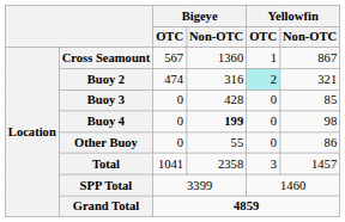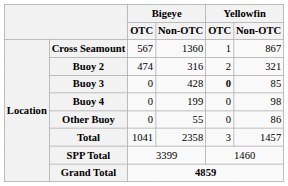 <table class="wikitable" style="font-size:88%">
 <tr>
 <th colspan=2 rowspan=2></th>
 <th colspan=2>Bigeye</th>
 <th colspan=2>Yellowfin</th>
 </tr>
 <tr>
 <th>OTC</th>
 <th>Non-OTC</th>
 <th>OTC</th>
 <th>Non-OTC</th>
 </tr>
 <tr>
 <th rowspan=8>Location</th>
 <th>Cross Seamount</th>
 <td align=right>567</td>
 <td align=right>1360</td>
 <td align=right>1</td>
 <td align=right>867</td>
 </tr>
 <tr>
 <th>Buoy 2</th>
 <td align=right>474</td>
 <td align=right>316</td>
-<td align=right style="background: paleturquoise;">2</td>
+<td align=right>2</td>
 <td align=right>321</td>
 </tr>
 <tr>
 <th>Buoy 3</th>
 <td align=right>0</td>
 <td align=right>428</td>
-<td align=right>0</td>
+<td align=right><strong>0</strong></td>
 <td align=right>85</td>
 </tr>
 <tr>
 <th>Buoy 4</th>
 <td align=right>0</td>
-<td align=right><strong>199</strong></td>
+<td align=right>199</td>
 <td align=right>0</td>
 <td align=right>98</td>
 </tr>
 <tr>
 <th>Other Buoy</th>
 <td align=right>0</td>
 <td align=right>55</td>
 <td align=right>0</td>
 <td align=right>86</td>
 </tr>
 <tr>
 <th align=right>Total</th>
 <td align=right>1041</td>
 <td align=right>2358</td>
 <td align=right>3</td>
 <td align=right>1457</td>
 </tr>
 <tr>
 <th align=right>SPP Total</th>
 <td colspan=2 align=center>3399</td>
 <td colspan=2 align=center>1460</td>
 </tr>
 <tr>
 <th align=right>Grand Total</th>
 <td colspan=4 align=center><strong>4859</strong></td>
 </tr>
 </table>
